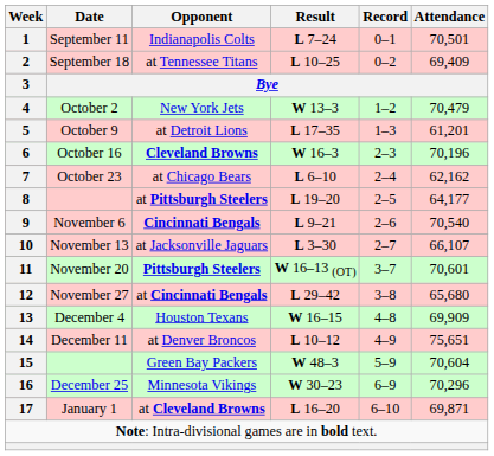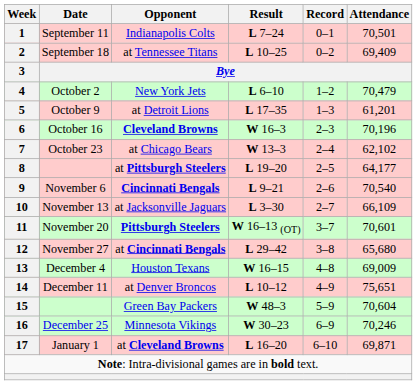 <table class="wikitable" style="text-align:center">
 <tr>
 <th>Week</th>
 <th>Date</th>
 <th>Opponent</th>
 <th>Result</th>
 <th>Record</th>
 <th>Attendance</th>
 </tr>
 <tr style="background:#fcc">
 <th>1</th>
 <td>September 11</td>
 <td><a href='#'>Indianapolis Colts</a></td>
 <td><strong>L</strong> 7–24</td>
 <td>0–1</td>
 <td>70,501</td>
 </tr>
 <tr style="background:#fcc">
 <th>2</th>
 <td>September 18</td>
 <td>at <a href='#'>Tennessee Titans</a></td>
 <td><strong>L</strong> 10–25</td>
 <td>0–2</td>
 <td>69,409</td>
 </tr>
 <tr>
 <th>3</th>
 <th colspan="5"><em><a href='#'>Bye</a></em></th>
 </tr>
 <tr style="background:#cfc">
 <th>4</th>
 <td>October 2</td>
 <td><a href='#'>New York Jets</a></td>
-<td><strong>W</strong> 13–3</td>
+<td><strong>L</strong> 6–10</td>
 <td>1–2</td>
 <td>70,479</td>
 </tr>
 <tr style="background:#fcc">
 <th>5</th>
 <td>October 9</td>
 <td>at <a href='#'>Detroit Lions</a></td>
 <td><strong>L</strong> 17–35</td>
 <td>1–3</td>
 <td>61,201</td>
 </tr>
 <tr style="background:#cfc">
 <th>6</th>
 <td>October 16</td>
 <td><strong><a href='#'>Cleveland Browns</a></strong></td>
 <td><strong>W</strong> 16–3</td>
 <td>2–3</td>
 <td>70,196</td>
 </tr>
 <tr style="background:#fcc">
 <th>7</th>
 <td>October 23</td>
 <td>at <a href='#'>Chicago Bears</a></td>
-<td><strong>L</strong> 6–10</td>
+<td><strong>W</strong> 13–3</td>
 <td>2–4</td>
-<td>62,162</td>
+<td>62,102</td>
 </tr>
 <tr style="background:#fcc">
 <th>8</th>
 <td></td>
 <td>at <strong><a href='#'>Pittsburgh Steelers</a></strong></td>
 <td><strong>L</strong> 19–20</td>
 <td>2–5</td>
 <td>64,177</td>
 </tr>
 <tr style="background:#fcc">
 <th>9</th>
 <td>November 6</td>
 <td><strong><a href='#'>Cincinnati Bengals</a></strong></td>
 <td><strong>L</strong> 9–21</td>
 <td>2–6</td>
 <td>70,540</td>
 </tr>
 <tr style="background:#fcc">
 <th>10</th>
 <td>November 13</td>
 <td>at <a href='#'>Jacksonville Jaguars</a></td>
 <td><strong>L</strong> 3–30</td>
 <td>2–7</td>
-<td>66,107</td>
+<td>66,109</td>
 </tr>
 <tr style="background:#cfc">
 <th>11</th>
 <td>November 20</td>
 <td><strong><a href='#'>Pittsburgh Steelers</a></strong></td>
 <td><strong>W</strong> 16–13 <sub>(OT)</sub></td>
 <td>3–7</td>
 <td>70,601</td>
 </tr>
 <tr style="background:#fcc">
 <th>12</th>
 <td>November 27</td>
 <td>at <strong><a href='#'>Cincinnati Bengals</a></strong></td>
 <td><strong>L</strong> 29–42</td>
 <td>3–8</td>
 <td>65,680</td>
 </tr>
 <tr style="background:#cfc">
 <th>13</th>
 <td>December 4</td>
 <td><a href='#'>Houston Texans</a></td>
 <td><strong>W</strong> 16–15</td>
 <td>4–8</td>
-<td>69,909</td>
+<td>69,009</td>
 </tr>
 <tr style="background:#fcc">
 <th>14</th>
 <td>December 11</td>
 <td>at <a href='#'>Denver Broncos</a></td>
 <td><strong>L</strong> 10–12</td>
 <td>4–9</td>
 <td>75,651</td>
 </tr>
 <tr style="background:#cfc">
 <th>15</th>
 <td></td>
 <td><a href='#'>Green Bay Packers</a></td>
 <td><strong>W</strong> 48–3</td>
 <td>5–9</td>
 <td>70,604</td>
 </tr>
 <tr style="background:#cfc">
 <th>16</th>
 <td><a href='#'>December 25</a></td>
 <td><a href='#'>Minnesota Vikings</a></td>
 <td><strong>W</strong> 30–23</td>
 <td>6–9</td>
-<td>70,296</td>
+<td>70,246</td>
 </tr>
 <tr style="background:#fcc">
 <th>17</th>
 <td>January 1</td>
 <td>at <strong><a href='#'>Cleveland Browns</a></strong></td>
 <td><strong>L</strong> 16–20</td>
 <td>6–10</td>
 <td>69,871</td>
 </tr>
 <tr>
 <td colspan="6"><strong>Note</strong>: Intra-divisional games are in <strong>bold</strong> text.</td>
 </tr>
 <tr>
 <th colspan="6"></th>
 </tr>
 </table>
